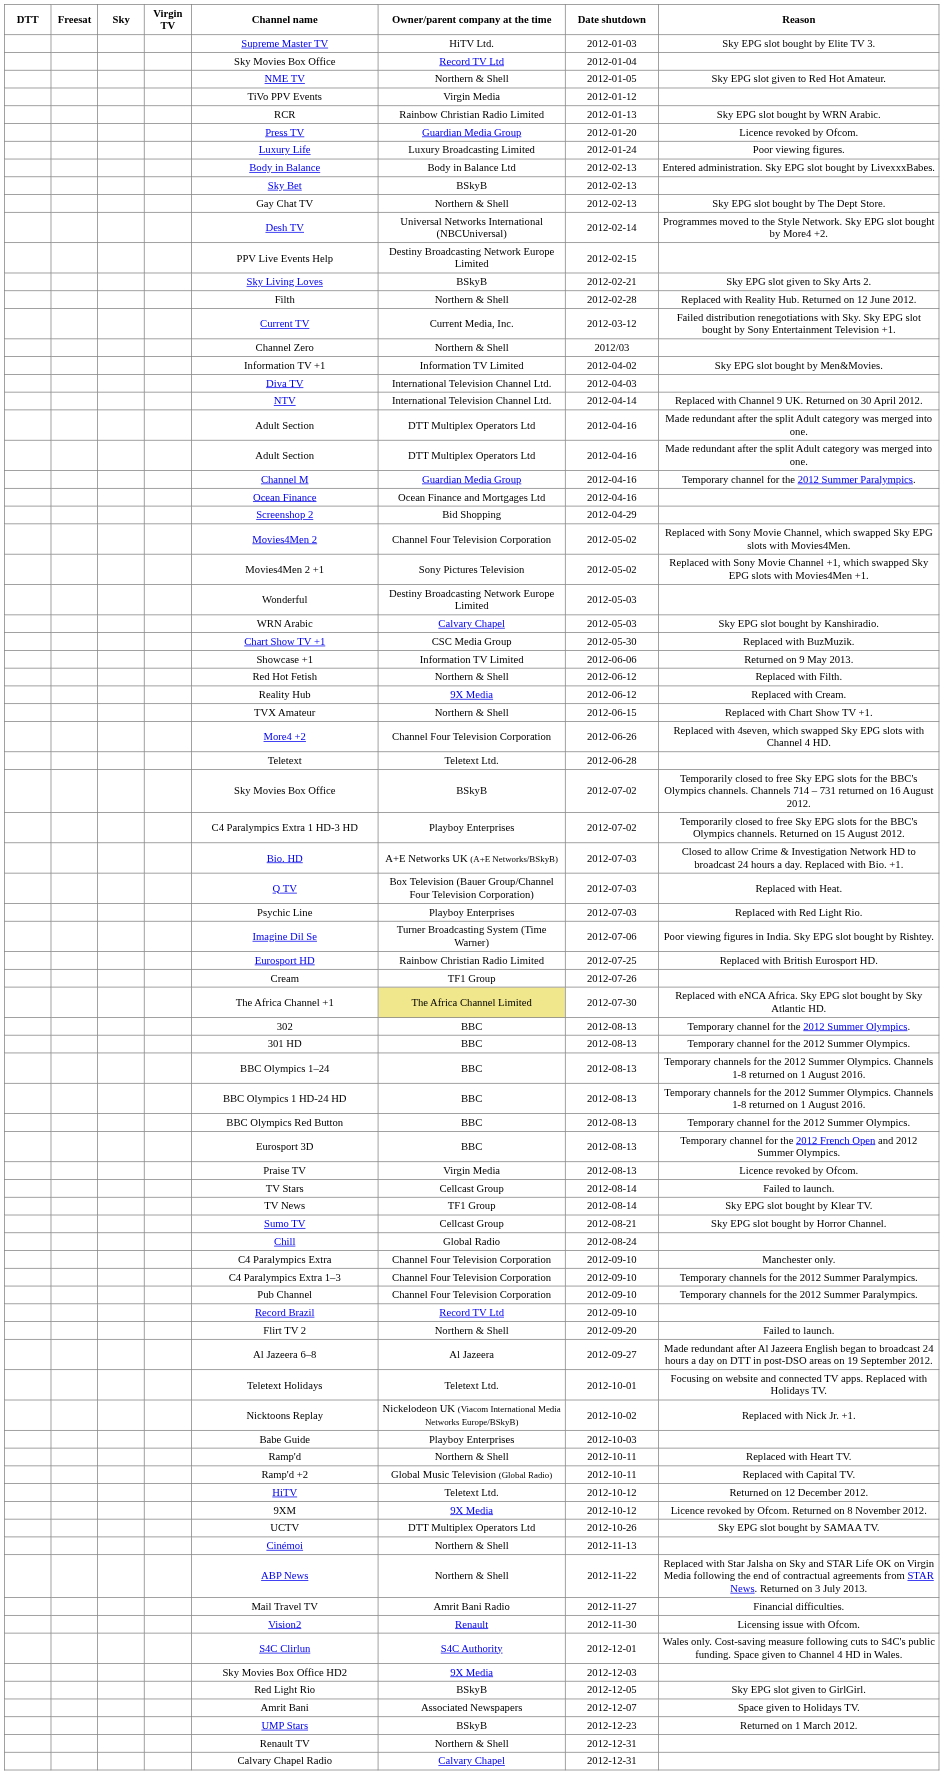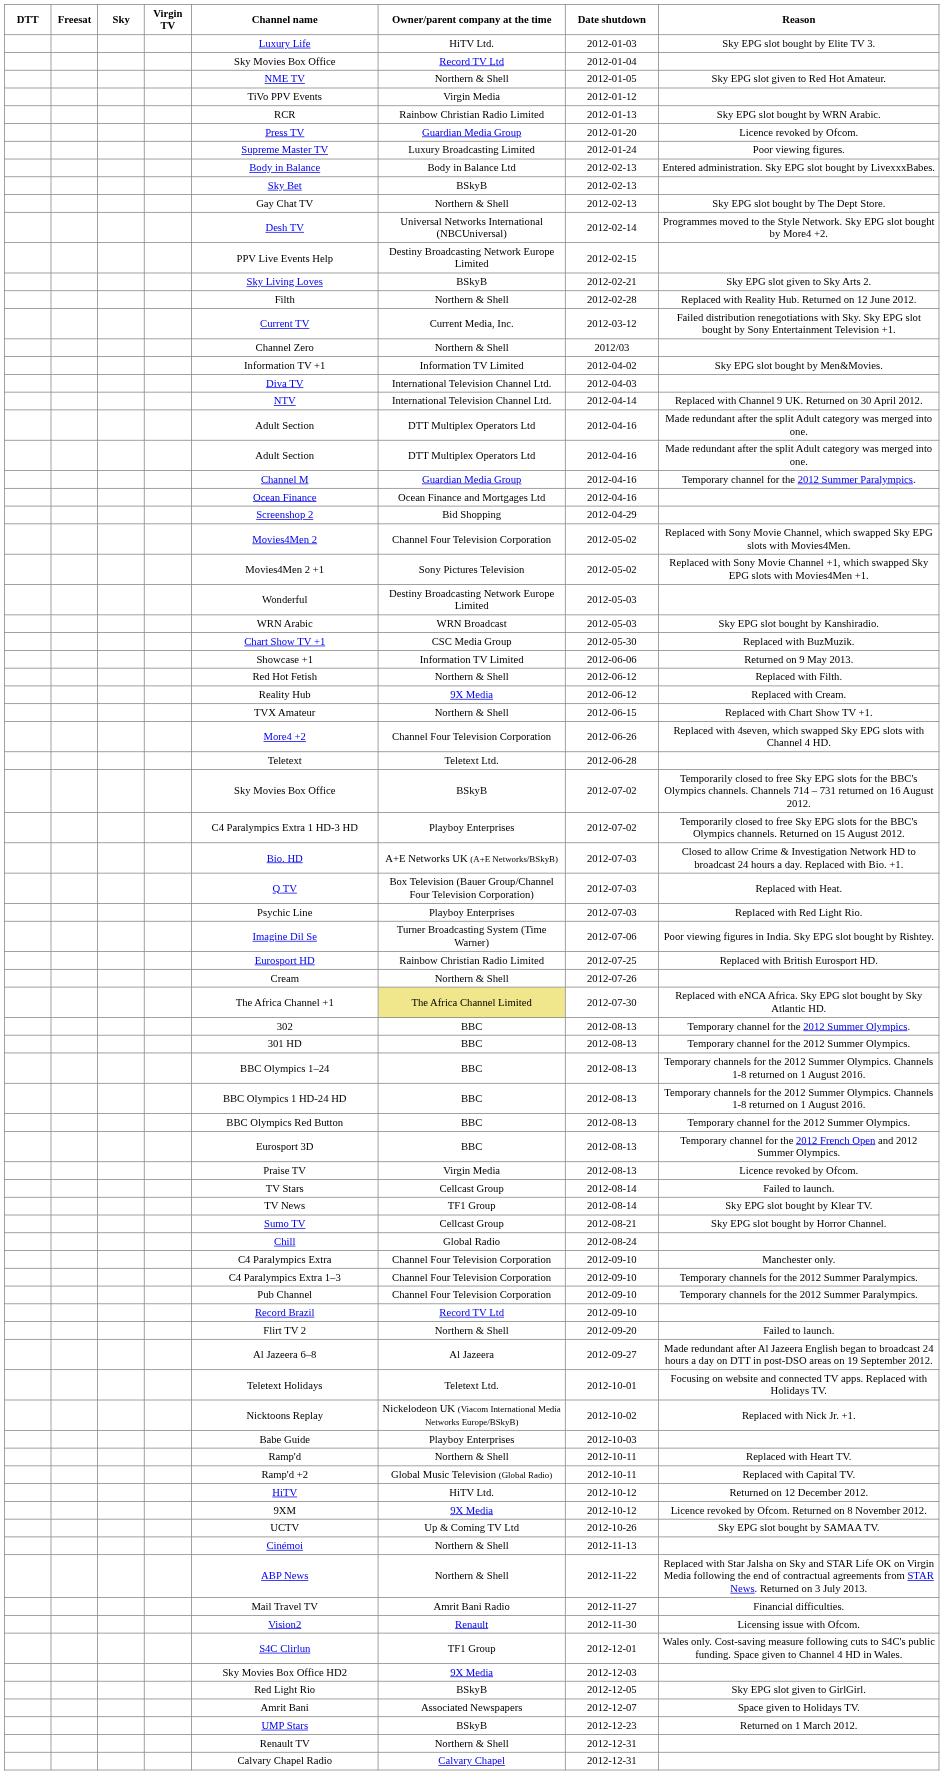 <table class="toccolors sortable" border="1" cellpadding="3" style="border-collapse:collapse; font-size: 90%; text-align:center" width="100%">
 <tr>
 <th width="5%">DTT</th>
 <th width="5%">Freesat</th>
 <th width="5%">Sky</th>
 <th width="5%">Virgin TV</th>
 <th width="20%">Channel name</th>
 <th width="20%">Owner/parent company at the time</th>
 <th width="10%">Date shutdown </th>
 <th width="30%">Reason</th>
 </tr>
 <tr>
 <td></td>
 <td></td>
 <td></td>
 <td></td>
-<td><a href='#'>Supreme Master TV</a></td>
+<td><a href='#'>Luxury Life</a></td>
 <td>HiTV Ltd.</td>
 <td>2012-01-03</td>
 <td>Sky EPG slot bought by Elite TV 3.</td>
 </tr>
 <tr>
 <td></td>
 <td></td>
 <td></td>
 <td></td>
 <td>Sky Movies Box Office</td>
 <td><a href='#'>Record TV Ltd</a></td>
 <td>2012-01-04</td>
 <td></td>
 </tr>
 <tr>
 <td></td>
 <td></td>
 <td></td>
 <td></td>
 <td><a href='#'>NME TV</a></td>
 <td>Northern & Shell</td>
 <td>2012-01-05</td>
 <td>Sky EPG slot given to Red Hot Amateur.</td>
 </tr>
 <tr>
 <td></td>
 <td></td>
 <td></td>
 <td></td>
 <td>TiVo PPV Events</td>
 <td>Virgin Media</td>
 <td>2012-01-12</td>
 <td></td>
 </tr>
 <tr>
 <td></td>
 <td></td>
 <td></td>
 <td></td>
 <td>RCR</td>
 <td>Rainbow Christian Radio Limited</td>
 <td>2012-01-13</td>
 <td>Sky EPG slot bought by WRN Arabic.</td>
 </tr>
 <tr>
 <td></td>
 <td></td>
 <td></td>
 <td></td>
 <td><a href='#'>Press TV</a></td>
 <td><a href='#'>Guardian Media Group</a></td>
 <td>2012-01-20</td>
 <td>Licence revoked by Ofcom.</td>
 </tr>
 <tr>
 <td></td>
 <td></td>
 <td></td>
 <td></td>
-<td><a href='#'>Luxury Life</a></td>
+<td><a href='#'>Supreme Master TV</a></td>
 <td>Luxury Broadcasting Limited</td>
 <td>2012-01-24</td>
 <td>Poor viewing figures.</td>
 </tr>
 <tr>
 <td></td>
 <td></td>
 <td></td>
 <td></td>
 <td><a href='#'>Body in Balance</a></td>
 <td>Body in Balance Ltd</td>
 <td>2012-02-13</td>
 <td>Entered administration. Sky EPG slot bought by LivexxxBabes.</td>
 </tr>
 <tr>
 <td></td>
 <td></td>
 <td></td>
 <td></td>
 <td><a href='#'>Sky Bet</a></td>
 <td>BSkyB</td>
 <td>2012-02-13</td>
 <td></td>
 </tr>
 <tr>
 <td></td>
 <td></td>
 <td></td>
 <td></td>
 <td>Gay Chat TV</td>
 <td>Northern & Shell</td>
 <td>2012-02-13</td>
 <td>Sky EPG slot bought by The Dept Store.</td>
 </tr>
 <tr>
 <td></td>
 <td></td>
 <td></td>
 <td></td>
 <td><a href='#'>Desh TV</a></td>
 <td>Universal Networks International (NBCUniversal)</td>
 <td>2012-02-14</td>
 <td>Programmes moved to the Style Network. Sky EPG slot bought by More4 +2.</td>
 </tr>
 <tr>
 <td></td>
 <td></td>
 <td></td>
 <td></td>
 <td>PPV Live Events Help</td>
 <td>Destiny Broadcasting Network Europe Limited</td>
 <td>2012-02-15</td>
 <td></td>
 </tr>
 <tr>
 <td></td>
 <td></td>
 <td></td>
 <td></td>
 <td><a href='#'>Sky Living Loves</a></td>
 <td>BSkyB</td>
 <td>2012-02-21</td>
 <td>Sky EPG slot given to Sky Arts 2.</td>
 </tr>
 <tr>
 <td></td>
 <td></td>
 <td></td>
 <td></td>
 <td>Filth</td>
 <td>Northern & Shell</td>
 <td>2012-02-28</td>
 <td>Replaced with Reality Hub. Returned on 12 June 2012.</td>
 </tr>
 <tr>
 <td></td>
 <td></td>
 <td></td>
 <td></td>
 <td><a href='#'>Current TV</a></td>
 <td>Current Media, Inc.</td>
 <td>2012-03-12</td>
 <td>Failed distribution renegotiations with Sky. Sky EPG slot bought by Sony Entertainment Television +1.</td>
 </tr>
 <tr>
 <td></td>
 <td></td>
 <td></td>
 <td></td>
 <td>Channel Zero</td>
 <td>Northern & Shell</td>
 <td>2012/03</td>
 <td></td>
 </tr>
 <tr>
 <td></td>
 <td></td>
 <td></td>
 <td></td>
 <td>Information TV +1</td>
 <td>Information TV Limited</td>
 <td>2012-04-02</td>
 <td>Sky EPG slot bought by Men&Movies.</td>
 </tr>
 <tr>
 <td></td>
 <td></td>
 <td></td>
 <td></td>
 <td><a href='#'>Diva TV</a></td>
 <td>International Television Channel Ltd.</td>
 <td>2012-04-03</td>
 <td></td>
 </tr>
 <tr>
 <td></td>
 <td></td>
 <td></td>
 <td></td>
 <td><a href='#'>NTV</a></td>
 <td>International Television Channel Ltd.</td>
 <td>2012-04-14</td>
 <td>Replaced with Channel 9 UK. Returned on 30 April 2012.</td>
 </tr>
 <tr>
 <td></td>
 <td></td>
 <td></td>
 <td></td>
 <td>Adult Section</td>
 <td>DTT Multiplex Operators Ltd</td>
 <td>2012-04-16</td>
 <td>Made redundant after the split Adult category was merged into one.</td>
 </tr>
 <tr>
 <td></td>
 <td></td>
 <td></td>
 <td></td>
 <td>Adult Section</td>
 <td>DTT Multiplex Operators Ltd</td>
 <td>2012-04-16</td>
 <td>Made redundant after the split Adult category was merged into one.</td>
 </tr>
 <tr>
 <td></td>
 <td></td>
 <td></td>
 <td></td>
 <td><a href='#'>Channel M</a></td>
 <td><a href='#'>Guardian Media Group</a></td>
 <td>2012-04-16</td>
 <td>Temporary channel for the <a href='#'>2012 Summer Paralympics</a>.</td>
 </tr>
 <tr>
 <td></td>
 <td></td>
 <td></td>
 <td></td>
 <td><a href='#'>Ocean Finance</a></td>
 <td>Ocean Finance and Mortgages Ltd</td>
 <td>2012-04-16</td>
 <td></td>
 </tr>
 <tr>
 <td></td>
 <td></td>
 <td></td>
 <td></td>
 <td><a href='#'>Screenshop 2</a></td>
 <td>Bid Shopping</td>
 <td>2012-04-29</td>
 <td></td>
 </tr>
 <tr>
 <td></td>
 <td></td>
 <td></td>
 <td></td>
 <td><a href='#'>Movies4Men 2</a></td>
 <td>Channel Four Television Corporation</td>
 <td>2012-05-02</td>
 <td>Replaced with Sony Movie Channel, which swapped Sky EPG slots with Movies4Men.</td>
 </tr>
 <tr>
 <td></td>
 <td></td>
 <td></td>
 <td></td>
 <td>Movies4Men 2 +1</td>
 <td>Sony Pictures Television</td>
 <td>2012-05-02</td>
 <td>Replaced with Sony Movie Channel +1, which swapped Sky EPG slots with Movies4Men +1.</td>
 </tr>
 <tr>
 <td></td>
 <td></td>
 <td></td>
 <td></td>
 <td>Wonderful</td>
 <td>Destiny Broadcasting Network Europe Limited</td>
 <td>2012-05-03</td>
 <td></td>
 </tr>
 <tr>
 <td></td>
 <td></td>
 <td></td>
 <td></td>
 <td>WRN Arabic</td>
-<td><a href='#'>Calvary Chapel</a></td>
+<td>WRN Broadcast</td>
 <td>2012-05-03</td>
 <td>Sky EPG slot bought by Kanshiradio.</td>
 </tr>
 <tr>
 <td></td>
 <td></td>
 <td></td>
 <td></td>
 <td><a href='#'>Chart Show TV +1</a></td>
 <td>CSC Media Group</td>
 <td>2012-05-30</td>
 <td>Replaced with BuzMuzik.</td>
 </tr>
 <tr>
 <td></td>
 <td></td>
 <td></td>
 <td></td>
 <td>Showcase +1</td>
 <td>Information TV Limited</td>
 <td>2012-06-06</td>
 <td>Returned on 9 May 2013.</td>
 </tr>
 <tr>
 <td></td>
 <td></td>
 <td></td>
 <td></td>
 <td>Red Hot Fetish</td>
 <td>Northern & Shell</td>
 <td>2012-06-12</td>
 <td>Replaced with Filth.</td>
 </tr>
 <tr>
 <td></td>
 <td></td>
 <td></td>
 <td></td>
 <td>Reality Hub</td>
 <td><a href='#'>9X Media</a></td>
 <td>2012-06-12</td>
 <td>Replaced with Cream.</td>
 </tr>
 <tr>
 <td></td>
 <td></td>
 <td></td>
 <td></td>
 <td>TVX Amateur</td>
 <td>Northern & Shell</td>
 <td>2012-06-15</td>
 <td>Replaced with Chart Show TV +1.</td>
 </tr>
 <tr>
 <td></td>
 <td></td>
 <td></td>
 <td></td>
 <td><a href='#'>More4 +2</a></td>
 <td>Channel Four Television Corporation</td>
 <td>2012-06-26</td>
 <td>Replaced with 4seven, which swapped Sky EPG slots with Channel 4 HD.</td>
 </tr>
 <tr>
 <td></td>
 <td></td>
 <td></td>
 <td></td>
 <td>Teletext</td>
 <td>Teletext Ltd.</td>
 <td>2012-06-28</td>
 <td></td>
 </tr>
 <tr>
 <td></td>
 <td></td>
 <td></td>
 <td></td>
 <td>Sky Movies Box Office</td>
 <td>BSkyB</td>
 <td>2012-07-02</td>
 <td>Temporarily closed to free Sky EPG slots for the BBC's Olympics channels. Channels 714 – 731 returned on 16 August 2012.</td>
 </tr>
 <tr>
 <td></td>
 <td></td>
 <td></td>
 <td></td>
 <td>C4 Paralympics Extra 1 HD-3 HD</td>
 <td>Playboy Enterprises</td>
 <td>2012-07-02</td>
 <td>Temporarily closed to free Sky EPG slots for the BBC's Olympics channels. Returned on 15 August 2012.</td>
 </tr>
 <tr>
 <td></td>
 <td></td>
 <td></td>
 <td></td>
 <td><a href='#'>Bio. HD</a></td>
 <td>A+E Networks UK <small>(A+E Networks/BSkyB)</small></td>
 <td>2012-07-03</td>
 <td>Closed to allow Crime & Investigation Network HD to broadcast 24 hours a day. Replaced with Bio. +1.</td>
 </tr>
 <tr>
 <td></td>
 <td></td>
 <td></td>
 <td></td>
 <td><a href='#'>Q TV</a></td>
 <td>Box Television (Bauer Group/Channel Four Television Corporation)</td>
 <td>2012-07-03</td>
 <td>Replaced with Heat.</td>
 </tr>
 <tr>
 <td></td>
 <td></td>
 <td></td>
 <td></td>
 <td>Psychic Line</td>
 <td>Playboy Enterprises</td>
 <td>2012-07-03</td>
 <td>Replaced with Red Light Rio.</td>
 </tr>
 <tr>
 <td></td>
 <td></td>
 <td></td>
 <td></td>
 <td><a href='#'>Imagine Dil Se</a></td>
 <td>Turner Broadcasting System (Time Warner)</td>
 <td>2012-07-06</td>
 <td>Poor viewing figures in India. Sky EPG slot bought by Rishtey.</td>
 </tr>
 <tr>
 <td></td>
 <td></td>
 <td></td>
 <td></td>
 <td><a href='#'>Eurosport HD</a></td>
 <td>Rainbow Christian Radio Limited</td>
 <td>2012-07-25</td>
 <td>Replaced with British Eurosport HD.</td>
 </tr>
 <tr>
 <td></td>
 <td></td>
 <td></td>
 <td></td>
 <td>Cream</td>
-<td>TF1 Group</td>
+<td>Northern & Shell</td>
 <td>2012-07-26</td>
 <td></td>
 </tr>
 <tr>
 <td></td>
 <td></td>
 <td></td>
 <td></td>
 <td>The Africa Channel +1</td>
 <td style="background: khaki;">The Africa Channel Limited</td>
 <td>2012-07-30</td>
 <td>Replaced with eNCA Africa. Sky EPG slot bought by Sky Atlantic HD.</td>
 </tr>
 <tr>
 <td></td>
 <td></td>
 <td></td>
 <td></td>
 <td>302</td>
 <td>BBC</td>
 <td>2012-08-13</td>
 <td>Temporary channel for the <a href='#'>2012 Summer Olympics</a>.</td>
 </tr>
 <tr>
 <td></td>
 <td></td>
 <td></td>
 <td></td>
 <td>301 HD</td>
 <td>BBC</td>
 <td>2012-08-13</td>
 <td>Temporary channel for the 2012 Summer Olympics.</td>
 </tr>
 <tr>
 <td></td>
 <td></td>
 <td></td>
 <td></td>
 <td>BBC Olympics 1–24</td>
 <td>BBC</td>
 <td>2012-08-13</td>
 <td>Temporary channels for the 2012 Summer Olympics. Channels 1-8 returned on 1 August 2016.</td>
 </tr>
 <tr>
 <td></td>
 <td></td>
 <td></td>
 <td></td>
 <td>BBC Olympics 1 HD-24 HD</td>
 <td>BBC</td>
 <td>2012-08-13</td>
 <td>Temporary channels for the 2012 Summer Olympics. Channels 1-8 returned on 1 August 2016.</td>
 </tr>
 <tr>
 <td></td>
 <td></td>
 <td></td>
 <td></td>
 <td>BBC Olympics Red Button</td>
 <td>BBC</td>
 <td>2012-08-13</td>
 <td>Temporary channel for the 2012 Summer Olympics.</td>
 </tr>
 <tr>
 <td></td>
 <td></td>
 <td></td>
 <td></td>
 <td>Eurosport 3D</td>
 <td>BBC</td>
 <td>2012-08-13</td>
 <td>Temporary channel for the <a href='#'>2012 French Open</a> and 2012 Summer Olympics.</td>
 </tr>
 <tr>
 <td></td>
 <td></td>
 <td></td>
 <td></td>
 <td>Praise TV</td>
 <td>Virgin Media</td>
 <td>2012-08-13</td>
 <td>Licence revoked by Ofcom.</td>
 </tr>
 <tr>
 <td></td>
 <td></td>
 <td></td>
 <td></td>
 <td>TV Stars</td>
 <td>Cellcast Group</td>
 <td>2012-08-14</td>
 <td>Failed to launch.</td>
 </tr>
 <tr>
 <td></td>
 <td></td>
 <td></td>
 <td></td>
 <td>TV News</td>
 <td>TF1 Group</td>
 <td>2012-08-14</td>
 <td>Sky EPG slot bought by Klear TV.</td>
 </tr>
 <tr>
 <td></td>
 <td></td>
 <td></td>
 <td></td>
 <td><a href='#'>Sumo TV</a></td>
 <td>Cellcast Group</td>
 <td>2012-08-21</td>
 <td>Sky EPG slot bought by Horror Channel.</td>
 </tr>
 <tr>
 <td></td>
 <td></td>
 <td></td>
 <td></td>
 <td><a href='#'>Chill</a></td>
 <td>Global Radio</td>
 <td>2012-08-24</td>
 <td></td>
 </tr>
 <tr>
 <td></td>
 <td></td>
 <td></td>
 <td></td>
 <td>C4 Paralympics Extra</td>
 <td>Channel Four Television Corporation</td>
 <td>2012-09-10</td>
 <td>Manchester only.</td>
 </tr>
 <tr>
 <td></td>
 <td></td>
 <td></td>
 <td></td>
 <td>C4 Paralympics Extra 1–3</td>
 <td>Channel Four Television Corporation</td>
 <td>2012-09-10</td>
 <td>Temporary channels for the 2012 Summer Paralympics.</td>
 </tr>
 <tr>
 <td></td>
 <td></td>
 <td></td>
 <td></td>
 <td>Pub Channel</td>
 <td>Channel Four Television Corporation</td>
 <td>2012-09-10</td>
 <td>Temporary channels for the 2012 Summer Paralympics.</td>
 </tr>
 <tr>
 <td></td>
 <td></td>
 <td></td>
 <td></td>
 <td><a href='#'>Record Brazil</a></td>
 <td><a href='#'>Record TV Ltd</a></td>
 <td>2012-09-10</td>
 <td></td>
 </tr>
 <tr>
 <td></td>
 <td></td>
 <td></td>
 <td></td>
 <td>Flirt TV 2</td>
 <td>Northern & Shell</td>
 <td>2012-09-20</td>
 <td>Failed to launch.</td>
 </tr>
 <tr>
 <td></td>
 <td></td>
 <td></td>
 <td></td>
 <td>Al Jazeera 6–8</td>
 <td>Al Jazeera</td>
 <td>2012-09-27</td>
 <td>Made redundant after Al Jazeera English began to broadcast 24 hours a day on DTT in post-DSO areas on 19 September 2012.</td>
 </tr>
 <tr>
 <td></td>
 <td></td>
 <td></td>
 <td></td>
 <td>Teletext Holidays</td>
 <td>Teletext Ltd.</td>
 <td>2012-10-01</td>
 <td>Focusing on website and connected TV apps. Replaced with Holidays TV.</td>
 </tr>
 <tr>
 <td></td>
 <td></td>
 <td></td>
 <td></td>
 <td>Nicktoons Replay</td>
 <td>Nickelodeon UK <small>(Viacom International Media Networks Europe/BSkyB)</small></td>
 <td>2012-10-02</td>
 <td>Replaced with Nick Jr. +1.</td>
 </tr>
 <tr>
 <td></td>
 <td></td>
 <td></td>
 <td></td>
 <td>Babe Guide</td>
 <td>Playboy Enterprises</td>
 <td>2012-10-03</td>
 <td></td>
 </tr>
 <tr>
 <td></td>
 <td></td>
 <td></td>
 <td></td>
 <td>Ramp'd</td>
 <td>Northern & Shell</td>
 <td>2012-10-11</td>
 <td>Replaced with Heart TV.</td>
 </tr>
 <tr>
 <td></td>
 <td></td>
 <td></td>
 <td></td>
 <td>Ramp'd +2</td>
 <td>Global Music Television <small>(Global Radio)</small></td>
 <td>2012-10-11</td>
 <td>Replaced with Capital TV.</td>
 </tr>
 <tr>
 <td></td>
 <td></td>
 <td></td>
 <td></td>
 <td><a href='#'>HiTV</a></td>
-<td>Teletext Ltd.</td>
+<td>HiTV Ltd.</td>
 <td>2012-10-12</td>
 <td>Returned on 12 December 2012.</td>
 </tr>
 <tr>
 <td></td>
 <td></td>
 <td></td>
 <td></td>
 <td>9XM</td>
 <td><a href='#'>9X Media</a></td>
 <td>2012-10-12</td>
 <td>Licence revoked by Ofcom. Returned on 8 November 2012.</td>
 </tr>
 <tr>
 <td></td>
 <td></td>
 <td></td>
 <td></td>
 <td>UCTV</td>
-<td>DTT Multiplex Operators Ltd</td>
+<td>Up & Coming TV Ltd</td>
 <td>2012-10-26</td>
 <td>Sky EPG slot bought by SAMAA TV.</td>
 </tr>
 <tr>
 <td></td>
 <td></td>
 <td></td>
 <td></td>
 <td><a href='#'>Cinémoi</a></td>
 <td>Northern & Shell</td>
 <td>2012-11-13</td>
 <td></td>
 </tr>
 <tr>
 <td></td>
 <td></td>
 <td></td>
 <td></td>
 <td><a href='#'>ABP News</a></td>
 <td>Northern & Shell</td>
 <td>2012-11-22</td>
 <td>Replaced with Star Jalsha on Sky and STAR Life OK on Virgin Media following the end of contractual agreements from <a href='#'>STAR News</a>. Returned on 3 July 2013.</td>
 </tr>
 <tr>
 <td></td>
 <td></td>
 <td></td>
 <td></td>
 <td>Mail Travel TV</td>
 <td>Amrit Bani Radio</td>
 <td>2012-11-27</td>
 <td>Financial difficulties.</td>
 </tr>
 <tr>
 <td></td>
 <td></td>
 <td></td>
 <td></td>
 <td><a href='#'>Vision2</a></td>
 <td><a href='#'>Renault</a></td>
 <td>2012-11-30</td>
 <td>Licensing issue with Ofcom.</td>
 </tr>
 <tr>
 <td></td>
 <td></td>
 <td></td>
 <td></td>
 <td><a href='#'>S4C Clirlun</a></td>
-<td><a href='#'>S4C Authority</a></td>
+<td>TF1 Group</td>
 <td>2012-12-01</td>
 <td>Wales only. Cost-saving measure following cuts to S4C's public funding. Space given to Channel 4 HD in Wales.</td>
 </tr>
 <tr>
 <td></td>
 <td></td>
 <td></td>
 <td></td>
 <td>Sky Movies Box Office HD2</td>
 <td><a href='#'>9X Media</a></td>
 <td>2012-12-03</td>
 <td></td>
 </tr>
 <tr>
 <td></td>
 <td></td>
 <td></td>
 <td></td>
 <td>Red Light Rio</td>
 <td>BSkyB</td>
 <td>2012-12-05</td>
 <td>Sky EPG slot given to GirlGirl.</td>
 </tr>
 <tr>
 <td></td>
 <td></td>
 <td></td>
 <td></td>
 <td>Amrit Bani</td>
 <td>Associated Newspapers</td>
 <td>2012-12-07</td>
 <td>Space given to Holidays TV.</td>
 </tr>
 <tr>
 <td></td>
 <td></td>
 <td></td>
 <td></td>
 <td><a href='#'>UMP Stars</a></td>
 <td>BSkyB</td>
 <td>2012-12-23</td>
 <td>Returned on 1 March 2012.</td>
 </tr>
 <tr>
 <td></td>
 <td></td>
 <td></td>
 <td></td>
 <td>Renault TV</td>
 <td>Northern & Shell</td>
 <td>2012-12-31</td>
 <td></td>
 </tr>
 <tr>
 <td></td>
 <td></td>
 <td></td>
 <td></td>
 <td>Calvary Chapel Radio</td>
 <td><a href='#'>Calvary Chapel</a></td>
 <td>2012-12-31</td>
 <td></td>
 </tr>
 </table>
